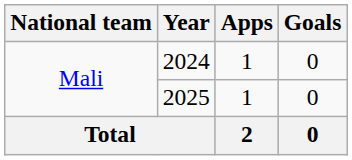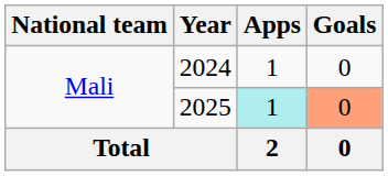 <table class="wikitable" style="text-align:center">
 <tr>
 <th>National team</th>
 <th>Year</th>
 <th>Apps</th>
 <th>Goals</th>
 </tr>
 <tr>
 <td rowspan="2"><a href='#'>Mali</a></td>
 <td>2024</td>
 <td>1</td>
 <td>0</td>
 </tr>
 <tr>
 <td>2025</td>
-<td>1</td>
-<td>0</td>
+<td style="background: paleturquoise;">1</td>
+<td style="background: lightsalmon;">0</td>
 </tr>
 <tr>
 <th colspan="2">Total</th>
 <th>2</th>
 <th>0</th>
 </tr>
 </table>
